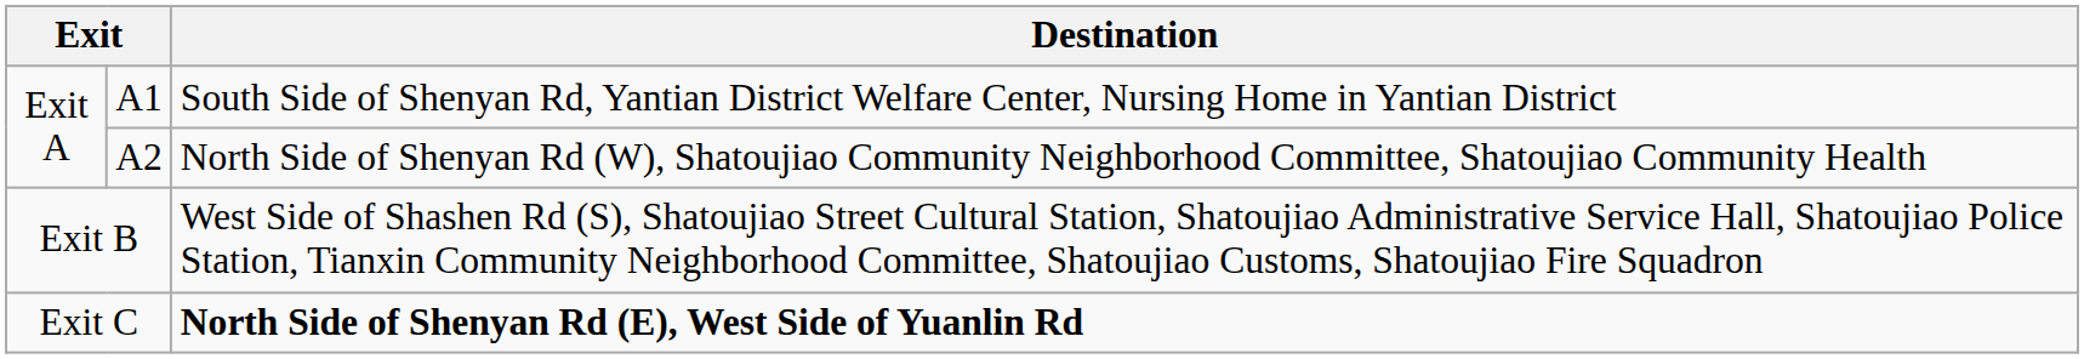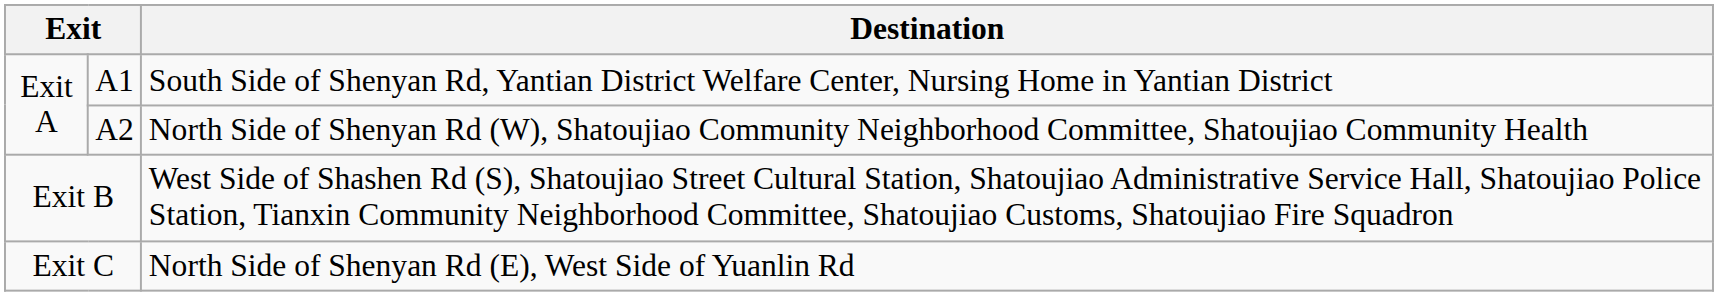 <table class="wikitable">
 <tr>
 <th style="width:70px" colspan="2">Exit</th>
 <th>Destination</th>
 </tr>
 <tr>
 <td align="center" rowspan="2">Exit A</td>
 <td>A1</td>
 <td>South Side of Shenyan Rd, Yantian District Welfare Center, Nursing Home in Yantian District</td>
 </tr>
 <tr>
 <td>A2</td>
 <td>North Side of Shenyan Rd (W), Shatoujiao Community Neighborhood Committee, Shatoujiao Community Health</td>
 </tr>
 <tr>
 <td align="center" colspan="2">Exit B</td>
 <td>West Side of Shashen Rd (S), Shatoujiao Street Cultural Station, Shatoujiao Administrative Service Hall, Shatoujiao Police Station, Tianxin Community Neighborhood Committee, Shatoujiao Customs, Shatoujiao Fire Squadron</td>
 </tr>
 <tr>
 <td align="center" colspan="2">Exit C</td>
-<td><strong>North Side of Shenyan Rd (E), West Side of Yuanlin Rd</strong></td>
+<td>North Side of Shenyan Rd (E), West Side of Yuanlin Rd</td>
 </tr>
 </table>
